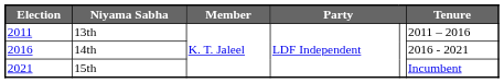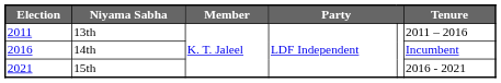 <table class="sortable" width="50%" cellpadding="2" cellspacing="0" border="1" style="border-collapse: collapse; border: 2px #000000 solid; font-size: x-big; font-family: verdana">
 <tr>
 <th style="background-color:#666666; color:white">Election</th>
 <th style="background-color:#666666; color:white">Niyama Sabha</th>
 <th style="background-color:#666666; color:white">Member</th>
 <th style="background-color:#666666; color:white" colspan="2">Party</th>
 <th style="background-color:#666666; color:white">Tenure</th>
 </tr>
 <tr>
 <td><a href='#'>2011</a></td>
 <td>13th</td>
 <td rowspan="3"><a href='#'>K. T. Jaleel</a></td>
 <td rowspan="3"><a href='#'>LDF Independent</a></td>
 <td rowspan="3" width="4px" style="background-color: "></td>
 <td>2011 – 2016</td>
 </tr>
 <tr>
 <td><a href='#'>2016</a></td>
 <td>14th</td>
-<td>2016 - 2021</td>
+<td><a href='#'>Incumbent</a></td>
 </tr>
 <tr>
 <td><a href='#'>2021</a></td>
 <td>15th</td>
-<td><a href='#'>Incumbent</a></td>
+<td>2016 - 2021</td>
 </tr>
 </table>
